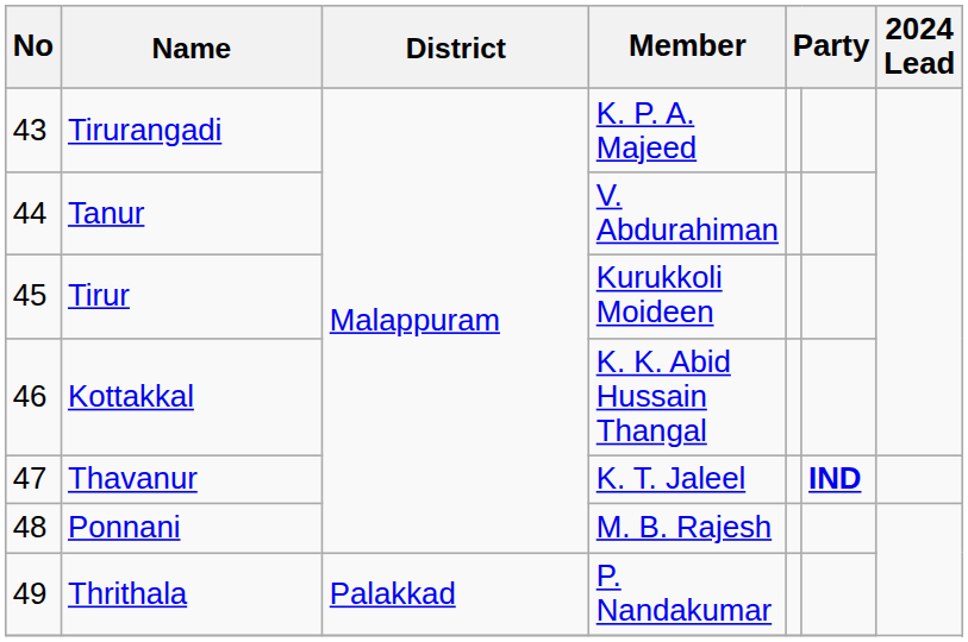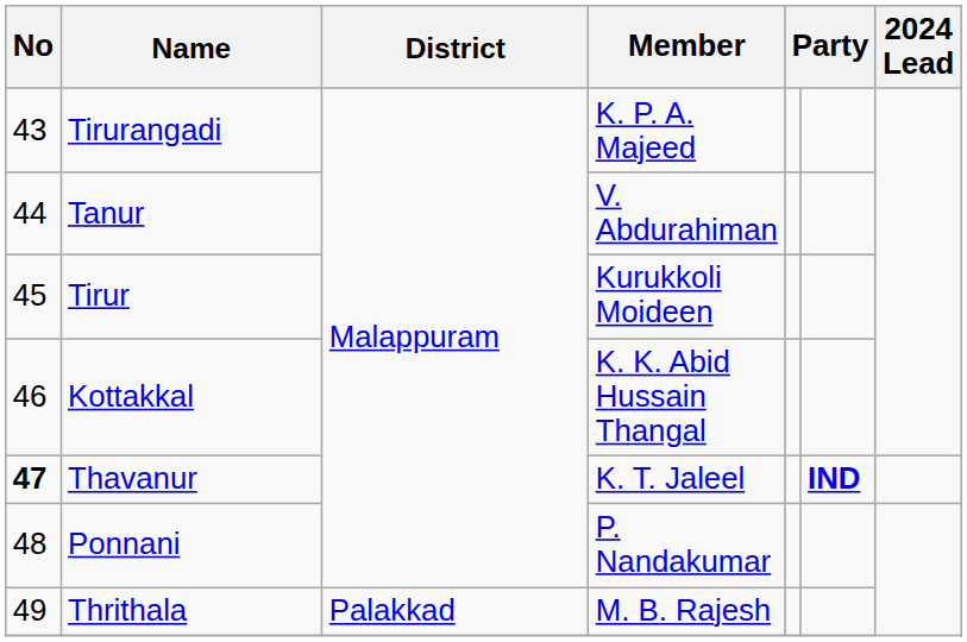 <table class="wikitable" width="500px">
 <tr align="center">
 <th>No</th>
 <th width="150px" style="font-size:95%">Name</th>
 <th width="150px" style="font-size:95%">District</th>
 <th>Member</th>
 <th colspan=2>Party</th>
 <th colspan=2>2024 Lead</th>
 </tr>
 <tr>
 <td>43</td>
 <td><a href='#'>Tirurangadi</a></td>
 <td rowspan=6><a href='#'>Malappuram</a></td>
 <td><a href='#'>K. P. A. Majeed</a></td>
 <td></td>
 <td></td>
 </tr>
 <tr>
 <td>44</td>
 <td><a href='#'>Tanur</a></td>
 <td><a href='#'>V. Abdurahiman</a></td>
 <td></td>
 <td></td>
 </tr>
 <tr>
 <td>45</td>
 <td><a href='#'>Tirur</a></td>
 <td><a href='#'>Kurukkoli Moideen</a></td>
 <td></td>
 <td></td>
 </tr>
 <tr>
 <td>46</td>
 <td><a href='#'>Kottakkal</a></td>
 <td><a href='#'>K. K. Abid Hussain Thangal</a></td>
 <td></td>
 <td></td>
 </tr>
 <tr>
-<td>47</td>
+<td><strong>47</strong></td>
 <td><a href='#'>Thavanur</a></td>
 <td><a href='#'>K. T. Jaleel</a></td>
 <td style="background-color:"></td>
 <td><strong><a href='#'>IND</a></strong></td>
 <td></td>
 </tr>
 <tr>
 <td>48</td>
 <td><a href='#'>Ponnani</a></td>
-<td><a href='#'>M. B. Rajesh</a></td>
+<td><a href='#'>P. Nandakumar</a></td>
 <td></td>
 <td></td>
 </tr>
 <tr>
 <td>49</td>
 <td><a href='#'>Thrithala</a></td>
 <td><a href='#'>Palakkad</a></td>
-<td><a href='#'>P. Nandakumar</a></td>
+<td><a href='#'>M. B. Rajesh</a></td>
 <td></td>
 <td></td>
 </tr>
 <tr>
 </tr>
 </table>
